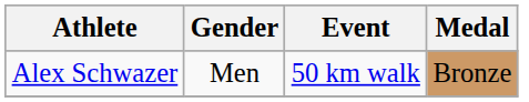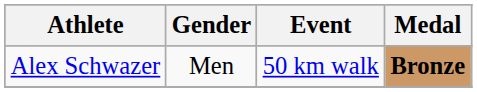 <table class="wikitable" style="width:; font-size:90%; text-align:center;">
 <tr>
 <th>Athlete</th>
 <th>Gender</th>
 <th>Event</th>
 <th>Medal</th>
 </tr>
 <tr>
 <td align=left><a href='#'>Alex Schwazer</a></td>
 <td>Men</td>
 <td><a href='#'>50 km walk</a></td>
-<td bgcolor=cc9966>Bronze</td>
+<td bgcolor=cc9966><strong>Bronze</strong></td>
 </tr>
 <tr>
 </tr>
 </table>
